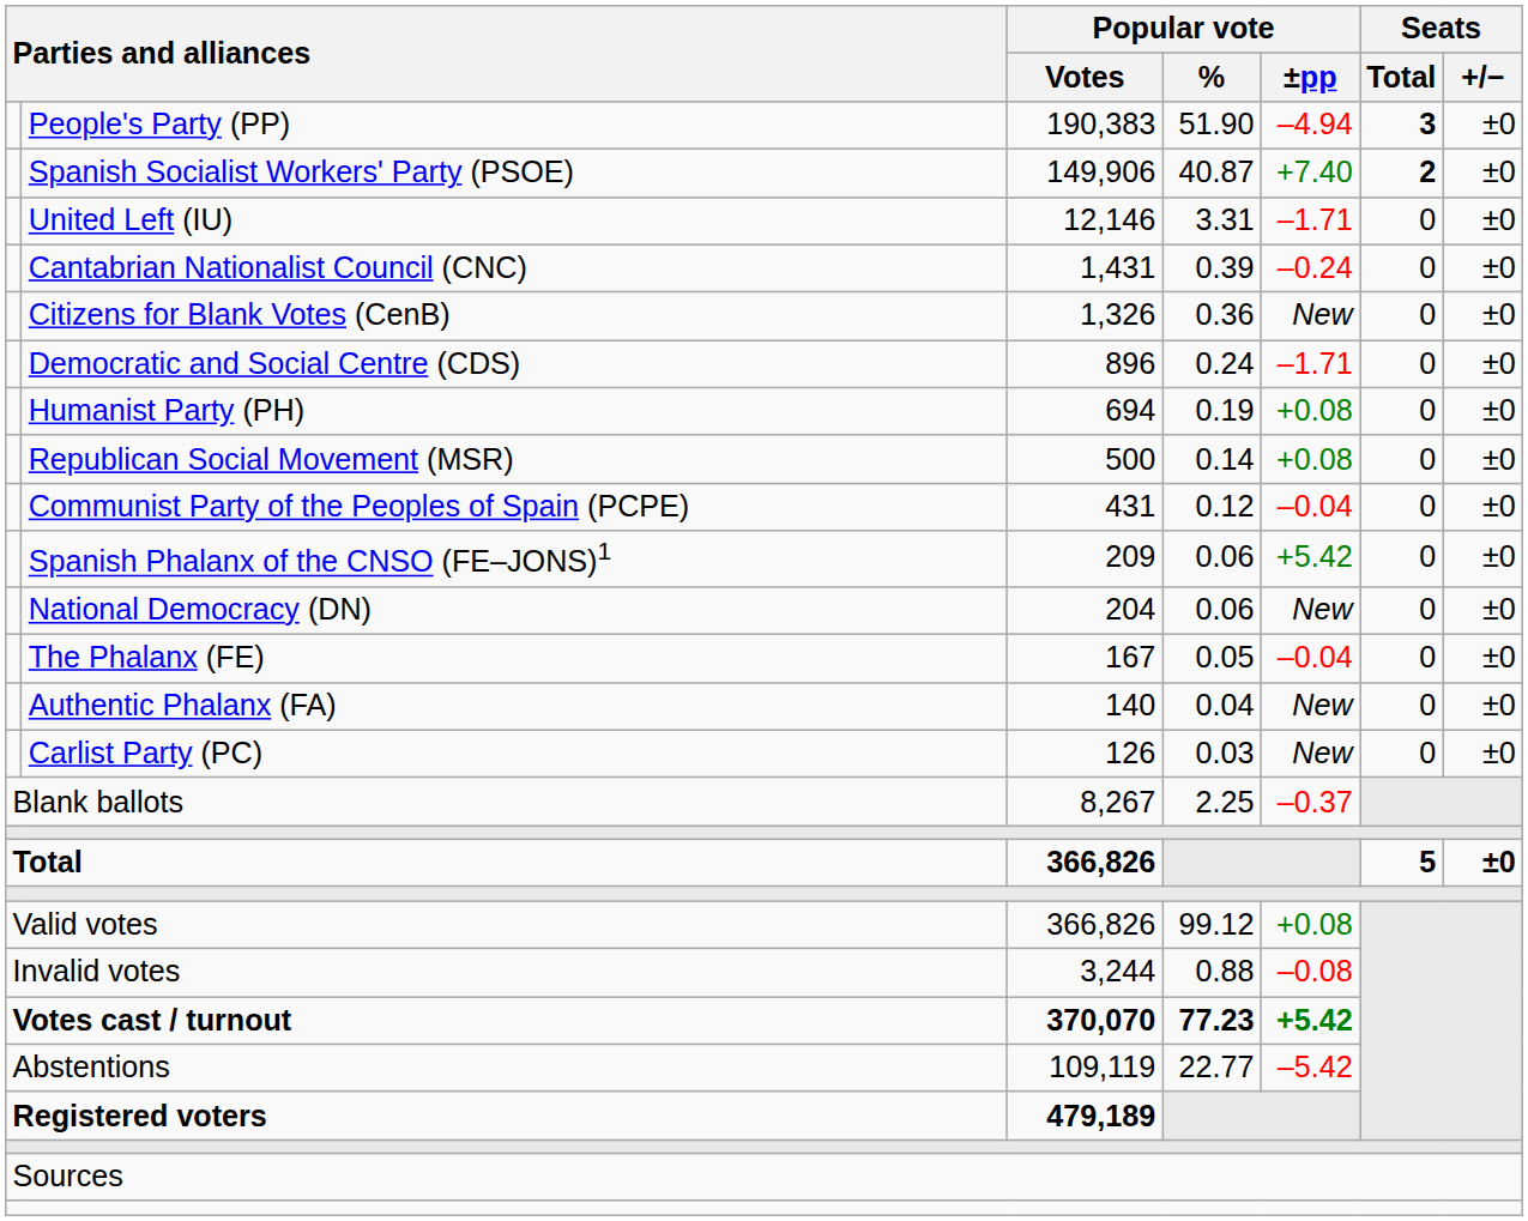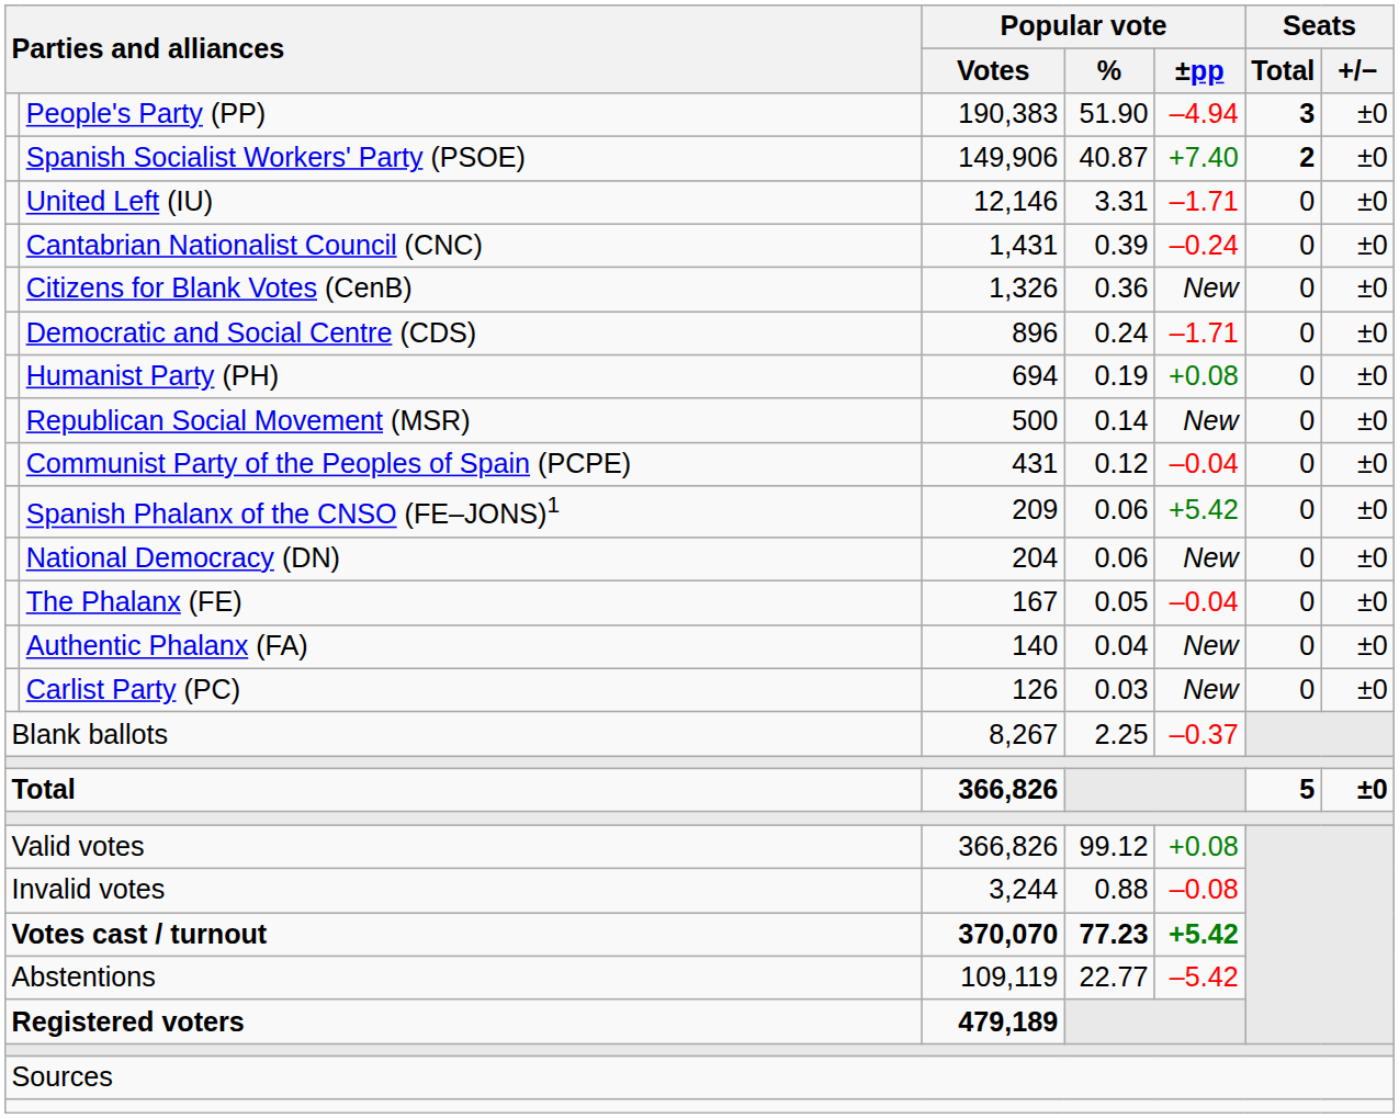 <table class="wikitable" style="text-align:right;">
 <tr>
 <th style="text-align:left;" rowspan="2" colspan="2" width="525">Parties and alliances</th>
 <th colspan="3">Popular vote</th>
 <th colspan="2">Seats</th>
 </tr>
 <tr>
 <th width="75">Votes</th>
 <th width="45">%</th>
 <th width="45">±<a href='#'>pp</a></th>
 <th width="35">Total</th>
 <th width="35">+/−</th>
 </tr>
 <tr>
 <td width="1" style="color:inherit;background:"></td>
 <td align="left"><a href='#'>People's Party</a> (PP)</td>
 <td>190,383</td>
 <td>51.90</td>
 <td style="color:red;">–4.94</td>
 <td><strong>3</strong></td>
 <td>±0</td>
 </tr>
 <tr>
 <td style="color:inherit;background:"></td>
 <td align="left"><a href='#'>Spanish Socialist Workers' Party</a> (PSOE)</td>
 <td>149,906</td>
 <td>40.87</td>
 <td style="color:green;">+7.40</td>
 <td><strong>2</strong></td>
 <td>±0</td>
 </tr>
 <tr>
 <td style="color:inherit;background:"></td>
 <td align="left"><a href='#'>United Left</a> (IU)</td>
 <td>12,146</td>
 <td>3.31</td>
 <td style="color:red;">–1.71</td>
 <td>0</td>
 <td>±0</td>
 </tr>
 <tr>
 <td style="color:inherit;background:"></td>
 <td align="left"><a href='#'>Cantabrian Nationalist Council</a> (CNC)</td>
 <td>1,431</td>
 <td>0.39</td>
 <td style="color:red;">–0.24</td>
 <td>0</td>
 <td>±0</td>
 </tr>
 <tr>
 <td style="color:inherit;background:"></td>
 <td align="left"><a href='#'>Citizens for Blank Votes</a> (CenB)</td>
 <td>1,326</td>
 <td>0.36</td>
 <td><em>New</em></td>
 <td>0</td>
 <td>±0</td>
 </tr>
 <tr>
 <td style="color:inherit;background:"></td>
 <td align="left"><a href='#'>Democratic and Social Centre</a> (CDS)</td>
 <td>896</td>
 <td>0.24</td>
 <td style="color:red;">–1.71</td>
 <td>0</td>
 <td>±0</td>
 </tr>
 <tr>
 <td style="color:inherit;background:"></td>
 <td align="left"><a href='#'>Humanist Party</a> (PH)</td>
 <td>694</td>
 <td>0.19</td>
 <td style="color:green;">+0.08</td>
 <td>0</td>
 <td>±0</td>
 </tr>
 <tr>
 <td style="color:inherit;background:"></td>
 <td align="left"><a href='#'>Republican Social Movement</a> (MSR)</td>
 <td>500</td>
 <td>0.14</td>
-<td style="color:green;">+0.08</td>
+<td><em>New</em></td>
 <td>0</td>
 <td>±0</td>
 </tr>
 <tr>
 <td style="color:inherit;background:"></td>
 <td align="left"><a href='#'>Communist Party of the Peoples of Spain</a> (PCPE)</td>
 <td>431</td>
 <td>0.12</td>
 <td style="color:red;">–0.04</td>
 <td>0</td>
 <td>±0</td>
 </tr>
 <tr>
 <td style="color:inherit;background:"></td>
 <td align="left"><a href='#'>Spanish Phalanx of the CNSO</a> (FE–JONS)<sup>1</sup></td>
 <td>209</td>
 <td>0.06</td>
 <td style="color:green;">+5.42</td>
 <td>0</td>
 <td>±0</td>
 </tr>
 <tr>
 <td style="color:inherit;background:"></td>
 <td align="left"><a href='#'>National Democracy</a> (DN)</td>
 <td>204</td>
 <td>0.06</td>
 <td><em>New</em></td>
 <td>0</td>
 <td>±0</td>
 </tr>
 <tr>
 <td style="color:inherit;background:"></td>
 <td align="left"><a href='#'>The Phalanx</a> (FE)</td>
 <td>167</td>
 <td>0.05</td>
 <td style="color:red;">–0.04</td>
 <td>0</td>
 <td>±0</td>
 </tr>
 <tr>
 <td style="color:inherit;background:"></td>
 <td align="left"><a href='#'>Authentic Phalanx</a> (FA)</td>
 <td>140</td>
 <td>0.04</td>
 <td><em>New</em></td>
 <td>0</td>
 <td>±0</td>
 </tr>
 <tr>
 <td style="color:inherit;background:"></td>
 <td align="left"><a href='#'>Carlist Party</a> (PC)</td>
 <td>126</td>
 <td>0.03</td>
 <td><em>New</em></td>
 <td>0</td>
 <td>±0</td>
 </tr>
 <tr>
 <td align="left" colspan="2">Blank ballots</td>
 <td>8,267</td>
 <td>2.25</td>
 <td style="color:red;">–0.37</td>
 <td bgcolor="#E9E9E9" colspan="2"></td>
 </tr>
 <tr>
 <td colspan="7" bgcolor="#E9E9E9"></td>
 </tr>
 <tr style="font-weight:bold;">
 <td align="left" colspan="2">Total</td>
 <td>366,826</td>
 <td bgcolor="#E9E9E9" colspan="2"></td>
 <td>5</td>
 <td>±0</td>
 </tr>
 <tr>
 <td colspan="7" bgcolor="#E9E9E9"></td>
 </tr>
 <tr>
 <td align="left" colspan="2">Valid votes</td>
 <td>366,826</td>
 <td>99.12</td>
 <td style="color:green;">+0.08</td>
 <td bgcolor="#E9E9E9" colspan="2" rowspan="5"></td>
 </tr>
 <tr>
 <td align="left" colspan="2">Invalid votes</td>
 <td>3,244</td>
 <td>0.88</td>
 <td style="color:red;">–0.08</td>
 </tr>
 <tr style="font-weight:bold;">
 <td align="left" colspan="2">Votes cast / turnout</td>
 <td>370,070</td>
 <td>77.23</td>
 <td style="color:green;">+5.42</td>
 </tr>
 <tr>
 <td align="left" colspan="2">Abstentions</td>
 <td>109,119</td>
 <td>22.77</td>
 <td style="color:red;">–5.42</td>
 </tr>
 <tr style="font-weight:bold;">
 <td align="left" colspan="2">Registered voters</td>
 <td>479,189</td>
 <td bgcolor="#E9E9E9" colspan="2"></td>
 </tr>
 <tr>
 <td colspan="7" bgcolor="#E9E9E9"></td>
 </tr>
 <tr>
 <td align="left" colspan="7">Sources</td>
 </tr>
 <tr>
 <td colspan="7" style="text-align:left; max-width:790px;"></td>
 </tr>
 </table>
